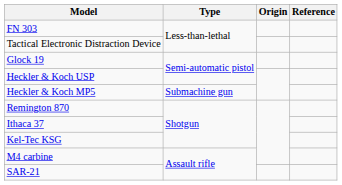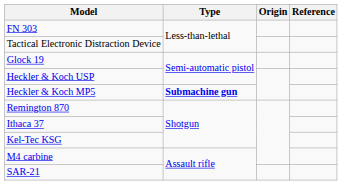 <table class="wikitable">
 <tr>
 <th>Model</th>
 <th>Type</th>
 <th>Origin</th>
 <th>Reference</th>
 </tr>
 <tr>
 <td><a href='#'>FN 303</a></td>
 <td rowspan="2">Less-than-lethal</td>
 <td></td>
 <td></td>
 </tr>
 <tr>
 <td>Tactical Electronic Distraction Device</td>
 <td></td>
 <td></td>
 </tr>
 <tr>
 <td><a href='#'>Glock 19</a></td>
 <td rowspan="2"><a href='#'>Semi-automatic pistol</a></td>
 <td></td>
 <td></td>
 </tr>
 <tr>
 <td><a href='#'>Heckler & Koch USP</a></td>
 <td rowspan="2"></td>
 <td></td>
 </tr>
 <tr>
 <td><a href='#'>Heckler & Koch MP5</a></td>
-<td><a href='#'>Submachine gun</a></td>
+<td><strong><a href='#'>Submachine gun</a></strong></td>
 <td></td>
 </tr>
 <tr>
 <td><a href='#'>Remington 870</a></td>
 <td rowspan="3"><a href='#'>Shotgun</a></td>
 <td rowspan="4"></td>
 <td></td>
 </tr>
 <tr>
 <td><a href='#'>Ithaca 37</a></td>
 <td></td>
 </tr>
 <tr>
 <td><a href='#'>Kel-Tec KSG</a></td>
 <td></td>
 </tr>
 <tr>
 <td><a href='#'>M4 carbine</a></td>
 <td rowspan="2"><a href='#'>Assault rifle</a></td>
 <td></td>
 </tr>
 <tr>
 <td><a href='#'>SAR-21</a></td>
 <td></td>
 <td></td>
 </tr>
 </table>
